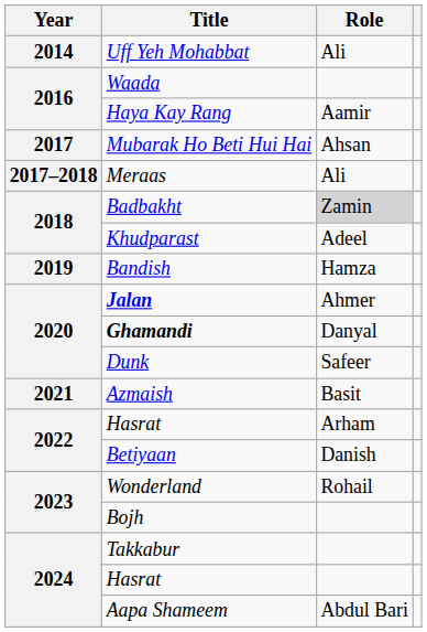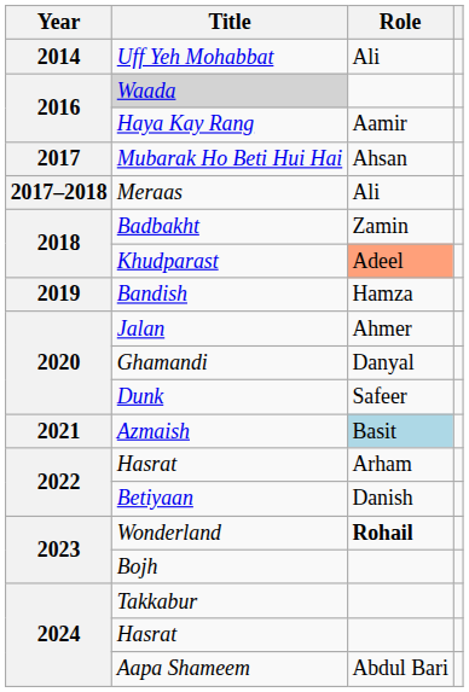 <table class="wikitable sortable">
 <tr>
 <th scope="col">Year</th>
 <th scope="col">Title</th>
 <th scope="col">Role</th>
 <th scope="col"></th>
 </tr>
 <tr>
 <th>2014</th>
 <td><em><a href='#'>Uff Yeh Mohabbat</a></em></td>
 <td>Ali</td>
 <td></td>
 </tr>
 <tr>
 <th rowspan="2">2016</th>
-<td><a href='#'><em>Waada</em></a></td>
+<td style="background: lightgrey;"><a href='#'><em>Waada</em></a></td>
 <td></td>
 <td></td>
 </tr>
 <tr>
 <td><em><a href='#'>Haya Kay Rang</a></em></td>
 <td>Aamir</td>
 <td></td>
 </tr>
 <tr>
 <th>2017</th>
 <td><em><a href='#'>Mubarak Ho Beti Hui Hai</a></em></td>
 <td>Ahsan</td>
 <td></td>
 </tr>
 <tr>
 <th>2017–2018</th>
 <td><em>Meraas</em></td>
 <td>Ali</td>
 <td></td>
 </tr>
 <tr>
 <th rowspan="2">2018</th>
 <td><em><a href='#'>Badbakht</a> </em></td>
-<td style="background: lightgrey;">Zamin</td>
+<td>Zamin</td>
 <td></td>
 </tr>
 <tr>
 <td><em><a href='#'>Khudparast</a> </em></td>
-<td>Adeel</td>
+<td style="background: lightsalmon;">Adeel</td>
 <td></td>
 </tr>
 <tr>
 <th>2019</th>
 <td><a href='#'><em>Bandish</em></a></td>
 <td>Hamza</td>
 <td></td>
 </tr>
 <tr>
 <th rowspan="3">2020</th>
-<td><strong><a href='#'><em>Jalan</em></a></strong></td>
+<td><a href='#'><em>Jalan</em></a></td>
 <td>Ahmer</td>
 <td></td>
 </tr>
 <tr>
-<td><strong><em>Ghamandi</em></strong></td>
+<td><em>Ghamandi</em></td>
 <td>Danyal</td>
 <td></td>
 </tr>
 <tr>
 <td><a href='#'><em>Dunk</em></a></td>
 <td>Safeer</td>
 <td></td>
 </tr>
 <tr>
 <th>2021</th>
 <td><em><a href='#'>Azmaish</a> </em></td>
-<td>Basit</td>
+<td style="background: lightblue;">Basit</td>
 <td></td>
 </tr>
 <tr>
 <th rowspan="2">2022</th>
 <td><em>Hasrat</em></td>
 <td>Arham</td>
 <td></td>
 </tr>
 <tr>
 <td><em><a href='#'>Betiyaan</a></em></td>
 <td>Danish</td>
 <td></td>
 </tr>
 <tr>
 <th rowspan="2">2023</th>
 <td><em>Wonderland</em></td>
-<td>Rohail</td>
+<td><strong>Rohail</strong></td>
 <td></td>
 </tr>
 <tr>
 <td><em>Bojh</em></td>
 <td></td>
 <td></td>
 </tr>
 <tr>
 <th rowspan=3>2024</th>
 <td><em>Takkabur</em></td>
 <td></td>
 <td></td>
 </tr>
 <tr>
 <td><em>Hasrat</em></td>
 <td></td>
 <td></td>
 </tr>
 <tr>
 <td><em>Aapa Shameem</em></td>
 <td>Abdul Bari</td>
 <td></td>
 </tr>
 </table>
